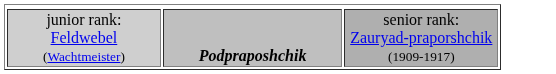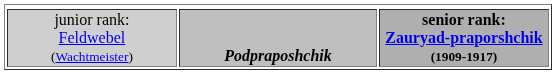 <table class="wikipedia sortable" border="1">
 <tr>
 </tr>
 <tr>
 <td width="30%" align="center" style="background:#cfcfcf;">junior rank: <br> <a href='#'>Feldwebel</a> <br><small>(<a href='#'>Wachtmeister</a>) </small></td>
 <td width="35%" align="center" style="background:#bfbfbf;"><br> <br><strong><em>Podpraposhchik</em></strong><br></td>
-<td width="30%" align="center" style="background:#afafaf;">senior rank:<br><a href='#'>Zauryad-praporshchik</a><br> <small>(1909-1917) </small></td>
+<td width="30%" align="center" style="background:#afafaf;"><strong>senior rank:<br><a href='#'>Zauryad-praporshchik</a><br> <small>(1909-1917) </small></strong></td>
 </tr>
 </table>
